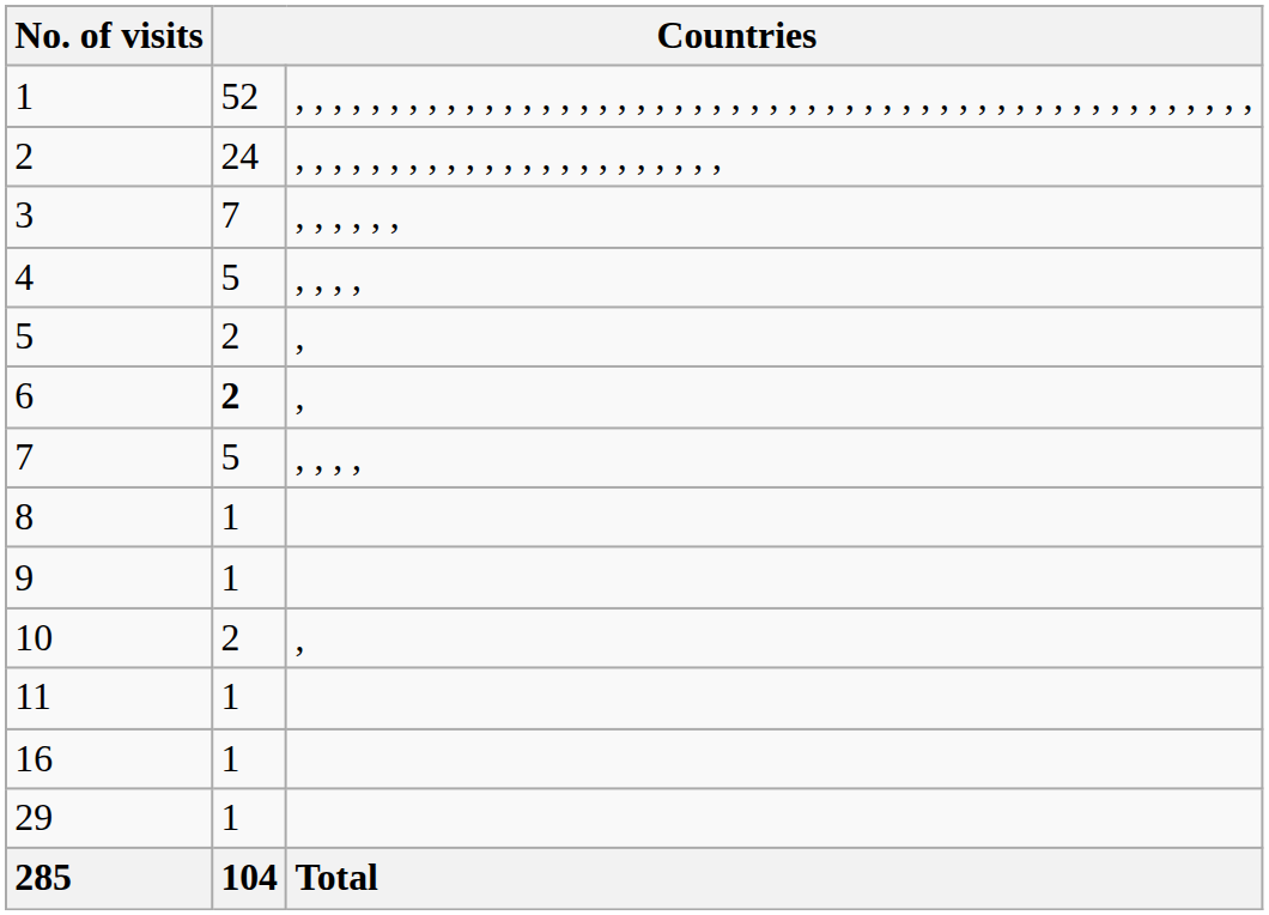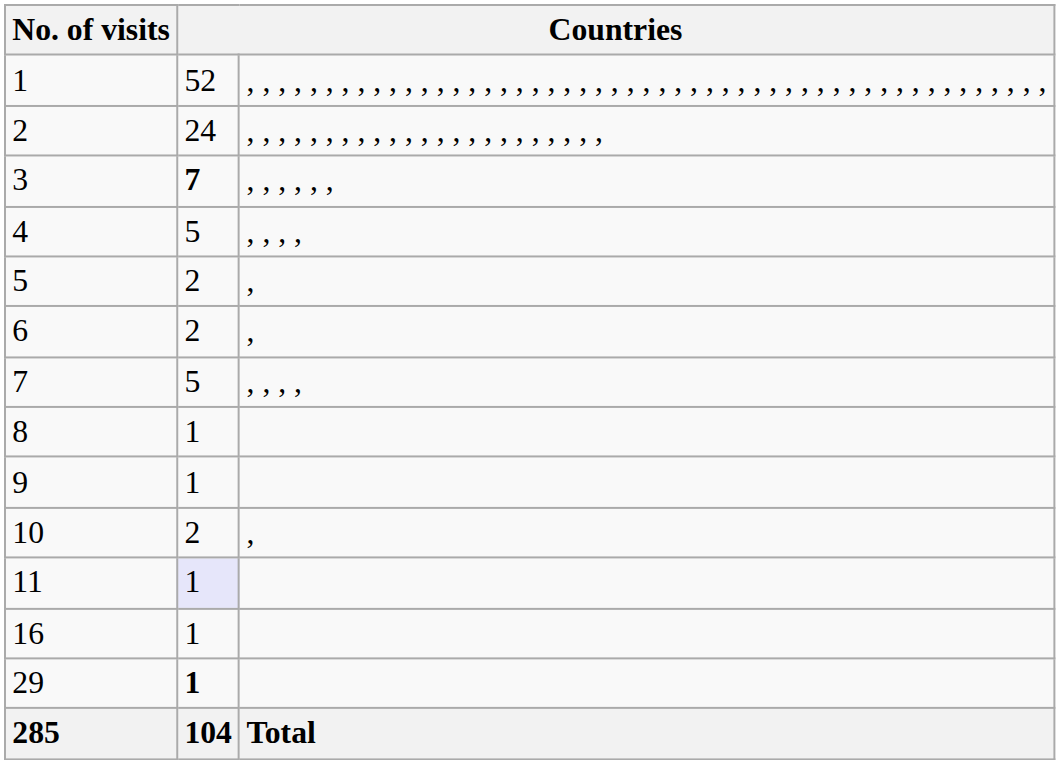 <table class="wikitable">
 <tr>
 <th>No. of visits</th>
 <th colspan=2>Countries</th>
 </tr>
 <tr>
 <td>1</td>
 <td>52</td>
 <td>, , , , , , , , , , , , , , , , , , , , , , , , , , , , , , , , , , , , , , , , , , , , , , , , , , , </td>
 </tr>
 <tr>
 <td>2</td>
 <td>24</td>
 <td>, , , , , , , , , , , , , , , , , , , , , , , </td>
 </tr>
 <tr>
 <td>3</td>
-<td>7</td>
+<td><strong>7</strong></td>
 <td>, , , , , , </td>
 </tr>
 <tr>
 <td>4</td>
 <td>5</td>
 <td>, , , , </td>
 </tr>
 <tr>
 <td>5</td>
 <td>2</td>
 <td>, </td>
 </tr>
 <tr>
 <td>6</td>
-<td><strong>2</strong></td>
+<td>2</td>
 <td>, </td>
 </tr>
 <tr>
 <td>7</td>
 <td>5</td>
 <td>, , , , </td>
 </tr>
 <tr>
 <td>8</td>
 <td>1</td>
 <td></td>
 </tr>
 <tr>
 <td>9</td>
 <td>1</td>
 <td></td>
 </tr>
 <tr>
 <td>10</td>
 <td>2</td>
 <td>, </td>
 </tr>
 <tr>
 <td>11</td>
-<td>1</td>
+<td style="background: lavender;">1</td>
 <td></td>
 </tr>
 <tr>
 <td>16</td>
 <td>1</td>
 <td></td>
 </tr>
 <tr>
 <td>29</td>
-<td>1</td>
+<td><strong>1</strong></td>
 <td></td>
 </tr>
 <tr class=sortbottom>
 <th style="text-align:left;">285</th>
 <th style="text-align:left;">104</th>
 <th style="text-align:left;">Total</th>
 </tr>
 </table>
